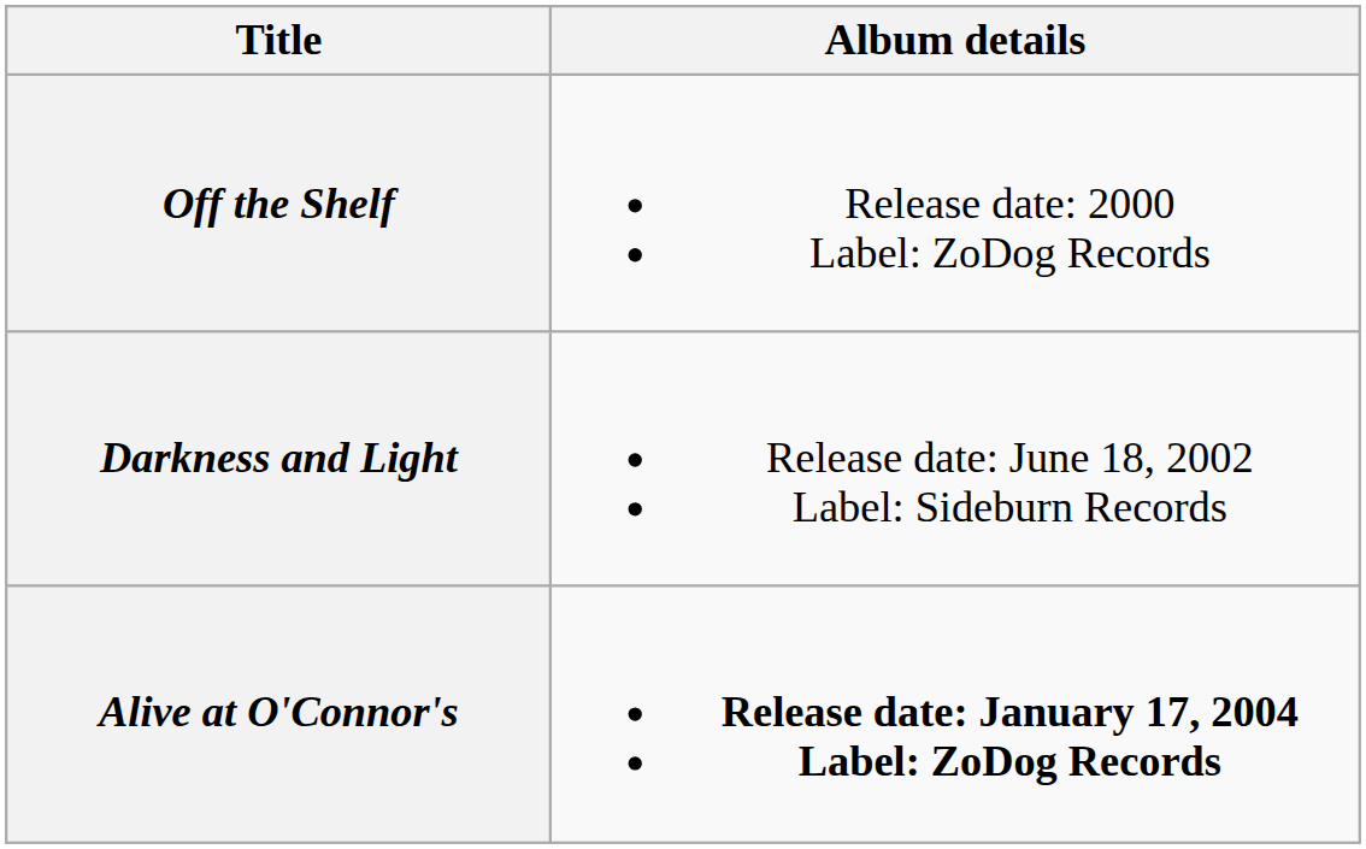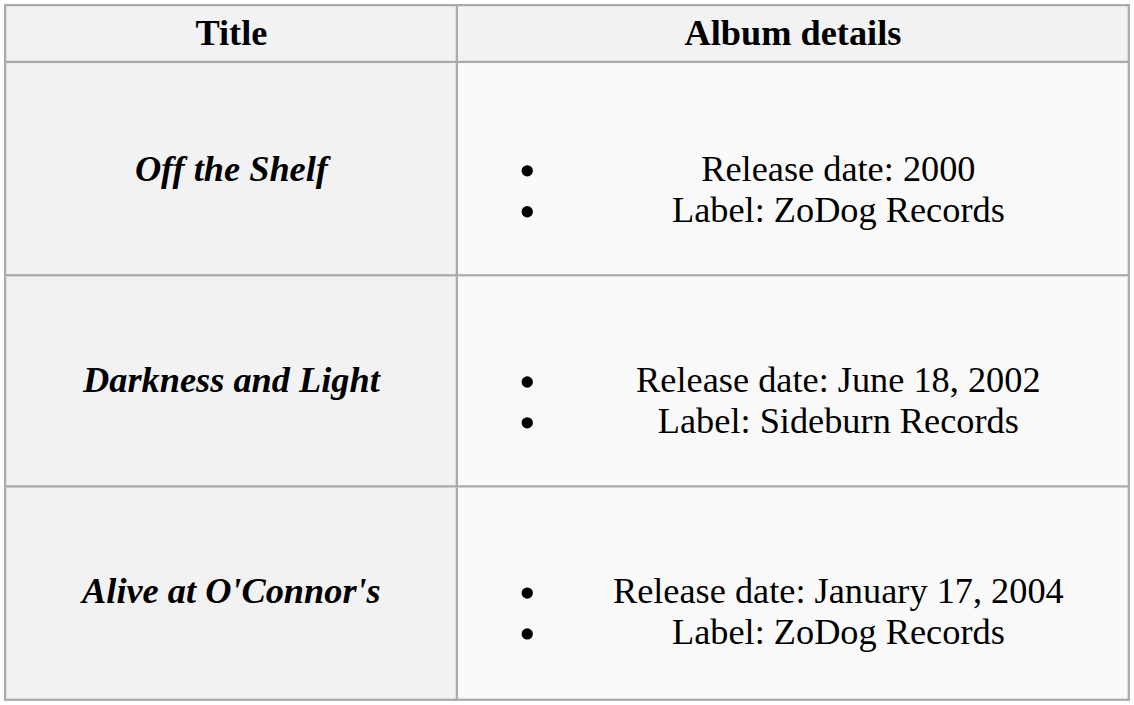 <table class="wikitable plainrowheaders" style="text-align:center;">
 <tr>
 <th style="width:12em;">Title</th>
 <th style="width:18em;">Album details</th>
 </tr>
 <tr>
 <th scope="row"><em>Off the Shelf</em></th>
 <td><br><ul><li>Release date: 2000</li><li>Label: ZoDog Records</li></ul></td>
 </tr>
 <tr>
 <th scope="row"><em>Darkness and Light</em></th>
 <td><br><ul><li>Release date: June 18, 2002</li><li>Label: Sideburn Records</li></ul></td>
 </tr>
 <tr>
 <th scope="row"><em>Alive at O'Connor's</em></th>
-<td><strong><br><ul><li>Release date: January 17, 2004</li><li>Label: ZoDog Records</li></ul></strong></td>
+<td><br><ul><li>Release date: January 17, 2004</li><li>Label: ZoDog Records</li></ul></td>
 </tr>
 </table>
